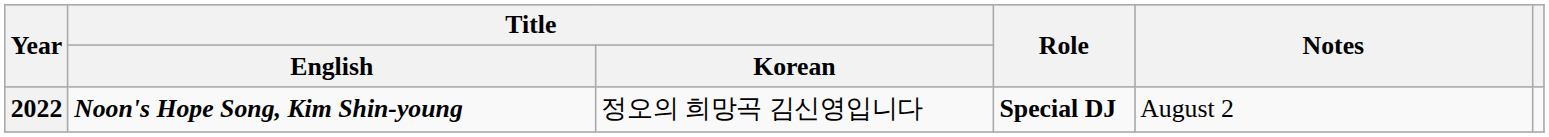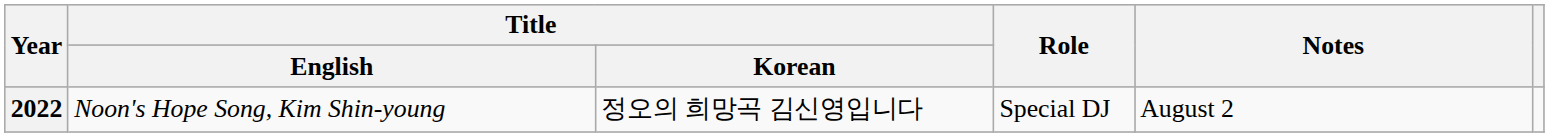 <table class="wikitable  plainrowheaders">
 <tr>
 <th scope="col" rowspan="2">Year</th>
 <th scope="col" colspan="2">Title</th>
 <th scope="col" rowspan="2" style="width:5em;">Role</th>
 <th scope="col" rowspan="2" style="width:15em;">Notes</th>
 <th scope="col" rowspan="2" class="unsortable"></th>
 </tr>
 <tr>
 <th scope="col" style="width:20em;">English</th>
 <th scope="col" style="width:15em;">Korean</th>
 </tr>
 <tr>
 <th scope="row">2022</th>
-<td><strong><em>Noon's Hope Song, Kim Shin-young</em></strong></td>
+<td><em>Noon's Hope Song, Kim Shin-young</em></td>
 <td>정오의 희망곡 김신영입니다</td>
-<td><strong>Special DJ</strong></td>
+<td>Special DJ</td>
 <td>August 2</td>
 <td style="text-align:center"></td>
 </tr>
 </table>
